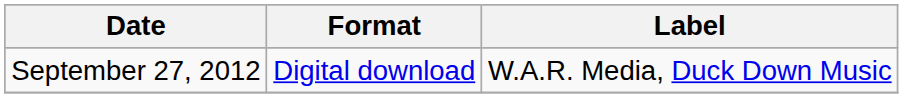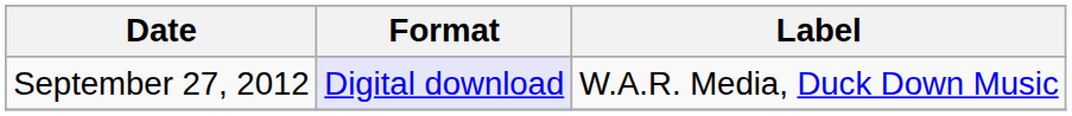 <table class="wikitable">
 <tr>
 <th>Date</th>
 <th>Format</th>
 <th>Label</th>
 </tr>
 <tr>
 <td>September 27, 2012</td>
-<td><a href='#'>Digital download</a></td>
+<td style="background: lavender;"><a href='#'>Digital download</a></td>
 <td>W.A.R. Media, <a href='#'>Duck Down Music</a></td>
 </tr>
 <tr>
 </tr>
 </table>
